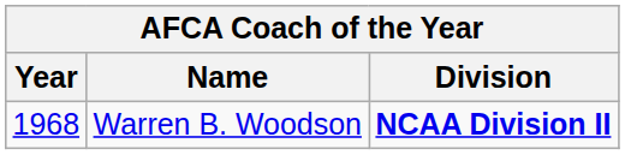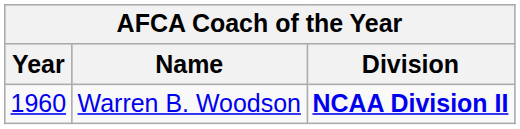 <table class="wikitable">
 <tr align="center">
 <th colspan=5>AFCA Coach of the Year</th>
 </tr>
 <tr>
 <th>Year</th>
 <th>Name</th>
 <th>Division</th>
 </tr>
 <tr align="center" bgcolor="">
-<td><a href='#'>1968</a></td>
+<td><a href='#'>1960</a></td>
 <td><a href='#'>Warren B. Woodson</a></td>
 <td><strong><a href='#'>NCAA Division II</a></strong></td>
 </tr>
 </table>
